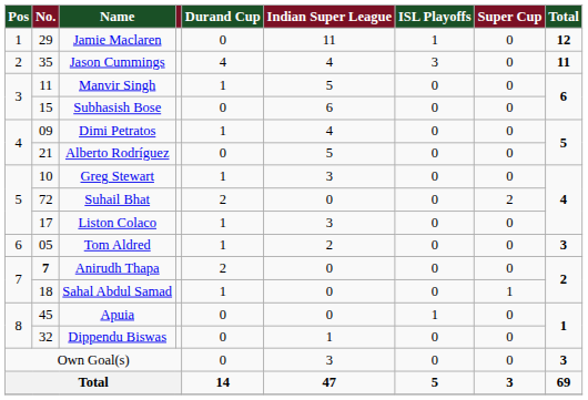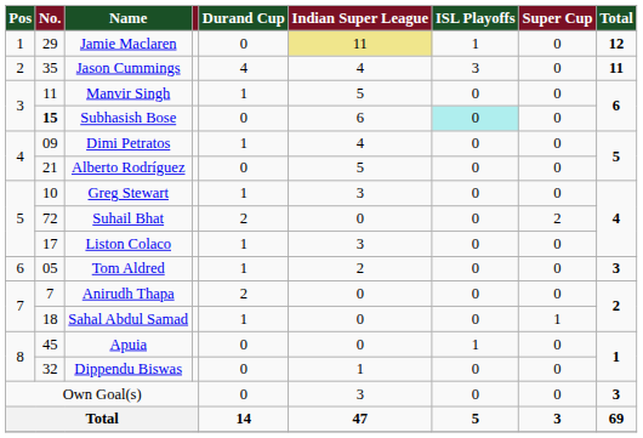 <table class="wikitable sortable" style="text-align:center; font-size:90%;">
 <tr>
 <th style="background:#1A5026; color:white; text-align:center;">Pos</th>
 <th style="background:#7A1024; color:white; text-align:center;">No.</th>
 <th style="background:#1A5026; color:white; text-align:center;">Name</th>
 <th style="background:#7A1024; color:white; text-align:center;"></th>
 <th style="background:#1A5026; color:white; text-align:center;">Durand Cup</th>
 <th style="background:#7A1024; color:white; text-align:center;">Indian Super League</th>
 <th style="background:#1A5026; color:white; text-align:center;">ISL Playoffs</th>
 <th style="background:#7A1024; color:white; text-align:center;">Super Cup</th>
 <th style="background:#1A5026; color:white; text-align:center;">Total</th>
 </tr>
 <tr>
 <td rowspan="1" style="text-align:center">1</td>
 <td style="text-align:center">29</td>
 <td style="text-align:center"><a href='#'>Jamie Maclaren</a></td>
 <td style="text-align:center"></td>
 <td style="text-align:center">0</td>
-<td style="text-align:center">11</td>
+<td style="background: khaki; text-align:center">11</td>
 <td style="text-align:center">1</td>
 <td style="text-align:center">0</td>
 <td style="text-align:center"><strong>12</strong></td>
 </tr>
 <tr>
 <td rowspan="1" style="text-align:center">2</td>
 <td style="text-align:center">35</td>
 <td style="text-align:center"><a href='#'>Jason Cummings</a></td>
 <td style="text-align:center"></td>
 <td style="text-align:center">4</td>
 <td style="text-align:center">4</td>
 <td style="text-align:center">3</td>
 <td style="text-align:center">0</td>
 <td style="text-align:center"><strong>11</strong></td>
 </tr>
 <tr>
 <td rowspan="2" style="text-align:center">3</td>
 <td style="text-align:center">11</td>
 <td style="text-align:center"><a href='#'>Manvir Singh</a></td>
 <td style="text-align:center"></td>
 <td style="text-align:center">1</td>
 <td style="text-align:center">5</td>
 <td style="text-align:center">0</td>
 <td style="text-align:center">0</td>
 <td rowspan="2" style="text-align:center"><strong>6</strong></td>
 </tr>
 <tr>
-<td>15</td>
+<td><strong>15</strong></td>
 <td style="text-align:center"><a href='#'>Subhasish Bose</a></td>
 <td style="text-align:center"></td>
 <td style="text-align:center">0</td>
 <td style="text-align:center">6</td>
-<td style="text-align:center">0</td>
+<td style="background: paleturquoise; text-align:center">0</td>
 <td style="text-align:center">0</td>
 </tr>
 <tr>
 <td rowspan="2" style="text-align:center">4</td>
 <td style="text-align:center">09</td>
 <td style="text-align:center"><a href='#'>Dimi Petratos</a></td>
 <td style="text-align:center"></td>
 <td style="text-align:center">1</td>
 <td style="text-align:center">4</td>
 <td style="text-align:center">0</td>
 <td style="text-align:center">0</td>
 <td rowspan="2" style="text-align:center"><strong>5</strong></td>
 </tr>
 <tr>
 <td style="text-align:center">21</td>
 <td style="text-align:center"><a href='#'>Alberto Rodríguez</a></td>
 <td style="text-align:center"></td>
 <td style="text-align:center">0</td>
 <td style="text-align:center">5</td>
 <td style="text-align:center">0</td>
 <td style="text-align:center">0</td>
 </tr>
 <tr>
 <td rowspan="3" style="text-align:center">5</td>
 <td style="text-align:center">10</td>
 <td style="text-align:center"><a href='#'>Greg Stewart</a></td>
 <td style="text-align:center"></td>
 <td style="text-align:center">1</td>
 <td style="text-align:center">3</td>
 <td style="text-align:center">0</td>
 <td style="text-align:center">0</td>
 <td rowspan="3" style="text-align:center"><strong>4</strong></td>
 </tr>
 <tr>
 <td style="text-align:center">72</td>
 <td style="text-align:center"><a href='#'>Suhail Bhat</a></td>
 <td style="text-align:center"></td>
 <td style="text-align:center">2</td>
 <td style="text-align:center">0</td>
 <td style="text-align:center">0</td>
 <td style="text-align:center">2</td>
 </tr>
 <tr>
 <td style="text-align:center">17</td>
 <td style="text-align:center"><a href='#'>Liston Colaco</a></td>
 <td style="text-align:center"></td>
 <td style="text-align:center">1</td>
 <td style="text-align:center">3</td>
 <td style="text-align:center">0</td>
 <td style="text-align:center">0</td>
 </tr>
 <tr>
 <td rowspan="1" style="text-align:center">6</td>
 <td style="text-align:center">05</td>
 <td style="text-align:center"><a href='#'>Tom Aldred</a></td>
 <td style="text-align:center"></td>
 <td style="text-align:center">1</td>
 <td style="text-align:center">2</td>
 <td style="text-align:center">0</td>
 <td style="text-align:center">0</td>
 <td style="text-align:center"><strong>3</strong></td>
 </tr>
 <tr>
 <td rowspan="2" style="text-align:center">7</td>
-<td style="text-align:center"><strong>7</strong></td>
+<td style="text-align:center">7</td>
 <td style="text-align:center"><a href='#'>Anirudh Thapa</a></td>
 <td style="text-align:center"></td>
 <td style="text-align:center">2</td>
 <td style="text-align:center">0</td>
 <td style="text-align:center">0</td>
 <td style="text-align:center">0</td>
 <td rowspan="2" style="text-align:center"><strong>2</strong></td>
 </tr>
 <tr>
 <td style="text-align:center">18</td>
 <td style="text-align:center"><a href='#'>Sahal Abdul Samad</a></td>
 <td style="text-align:center"></td>
 <td style="text-align:center">1</td>
 <td style="text-align:center">0</td>
 <td style="text-align:center">0</td>
 <td style="text-align:center">1</td>
 </tr>
 <tr>
 <td rowspan="2" style="text-align:center">8</td>
 <td style="text-align:center">45</td>
 <td style="text-align:center"><a href='#'>Apuia</a></td>
 <td style="text-align:center"></td>
 <td style="text-align:center">0</td>
 <td style="text-align:center">0</td>
 <td style="text-align:center">1</td>
 <td style="text-align:center">0</td>
 <td rowspan="2" style="text-align:center"><strong>1</strong></td>
 </tr>
 <tr>
 <td style="text-align:center">32</td>
 <td style="text-align:center"><a href='#'>Dippendu Biswas</a></td>
 <td style="text-align:center"></td>
 <td style="text-align:center">0</td>
 <td style="text-align:center">1</td>
 <td style="text-align:center">0</td>
 <td style="text-align:center">0</td>
 </tr>
 <tr>
 <td colspan="4" style="text-align:center">Own Goal(s)</td>
 <td style="text-align:center">0</td>
 <td style="text-align:center">3</td>
 <td style="text-align:center">0</td>
 <td style="text-align:center">0</td>
 <td style="text-align:center"><strong>3</strong></td>
 </tr>
 <tr>
 <th colspan="4">Total</th>
 <td style="text-align:center"><strong>14</strong></td>
 <td style="text-align:center"><strong>47</strong></td>
 <td style="text-align:center"><strong>5</strong></td>
 <td style="text-align:center"><strong>3</strong></td>
 <td style="text-align:center"><strong>69</strong></td>
 </tr>
 <tr>
 </tr>
 </table>
